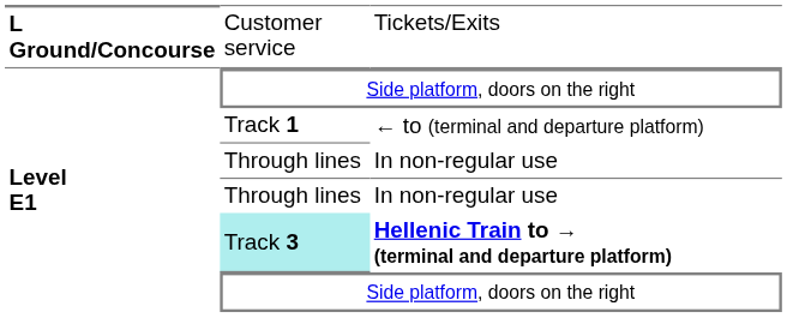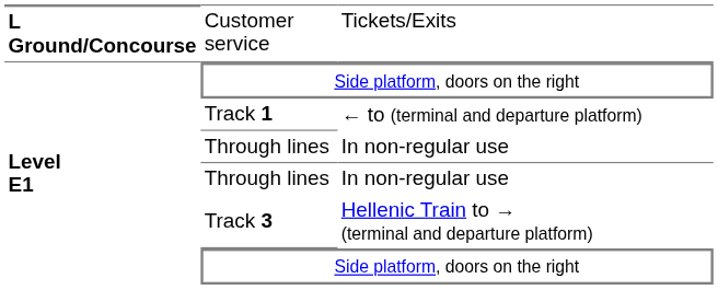 <table border=0 cellspacing=0 cellpadding=3>
 <tr>
 <td style="border-bottom:solid 1px gray;border-top:solid 2px gray;" width=50 valign=top><strong>L<br>Ground/Concourse</strong></td>
 <td style="border-top:solid 1px gray;border-bottom:solid 1px gray;" width=100 valign=top>Customer service</td>
 <td style="border-top:solid 1px gray;border-bottom:solid 1px gray;" width=285 valign=top>Tickets/Exits</td>
 </tr>
 <tr>
 <td rowspan="6"><strong>Level<br>Ε1</strong></td>
 <td colspan="2" style="border-top:solid 2px gray;border-right:solid 2px gray;border-left:solid 2px gray;border-bottom:solid 2px gray;text-align:center;"><small><a href='#'>Side platform</a>, doors on the right</small></td>
 </tr>
 <tr>
 <td style="border-bottom:solid 1px gray;">Track <strong>1</strong></td>
 <td>←  to <small>(terminal and departure platform)</small></td>
 </tr>
 <tr>
 <td style="border-bottom:solid 1px gray;">Through lines</td>
 <td style="border-bottom:solid 1px gray;">In non-regular use</td>
 </tr>
 <tr>
 <td>Through lines</td>
 <td>In non-regular use</td>
 </tr>
 <tr>
-<td style="background: paleturquoise; border-bottom:solid 1px gray;">Track <strong>3</strong></td>
-<td><strong><a href='#'>Hellenic Train</a> to  →<br><small>(terminal and departure platform)</small></strong></td>
+<td style="border-bottom:solid 1px gray;">Track <strong>3</strong></td>
+<td><a href='#'>Hellenic Train</a> to  →<br><small>(terminal and departure platform)</small></td>
 </tr>
 <tr>
 <td style="border-top:solid 2px gray;border-right:solid 2px gray;border-left:solid 2px gray;border-bottom:solid 2px gray;text-align:center;" colspan=2><small><a href='#'>Side platform</a>, doors on the right</small></td>
 </tr>
 </table>
